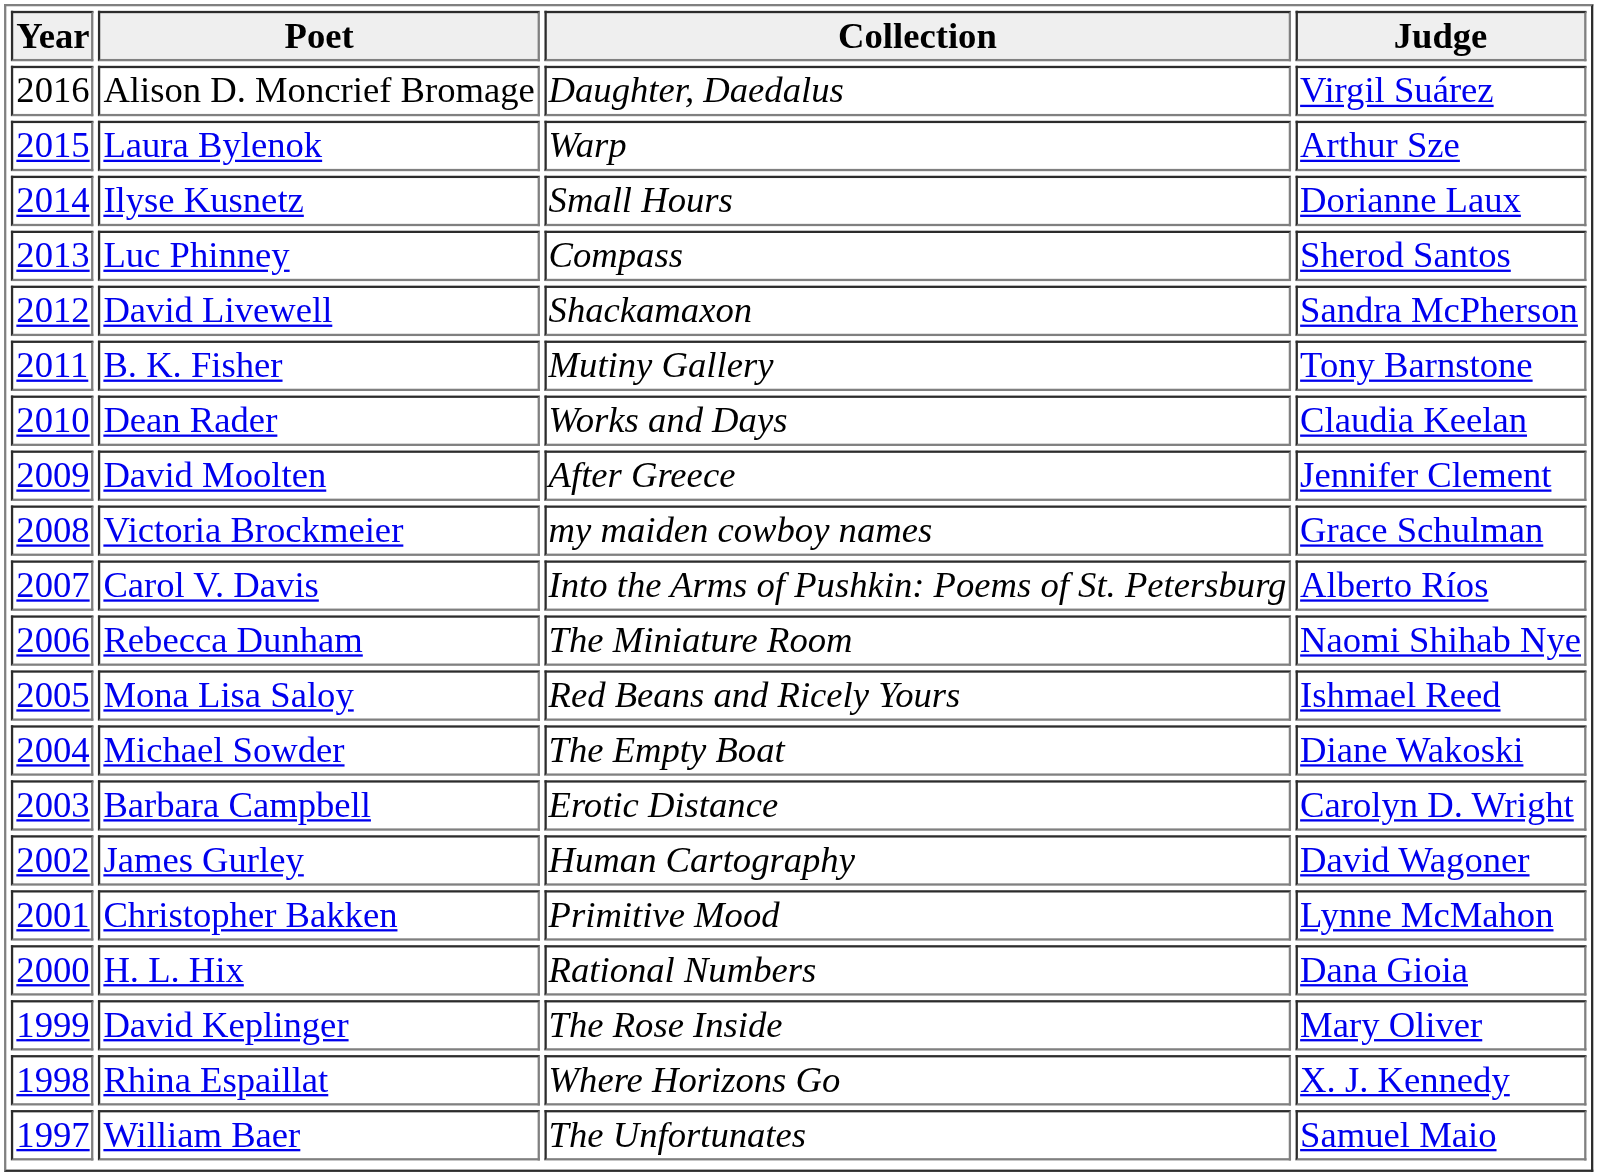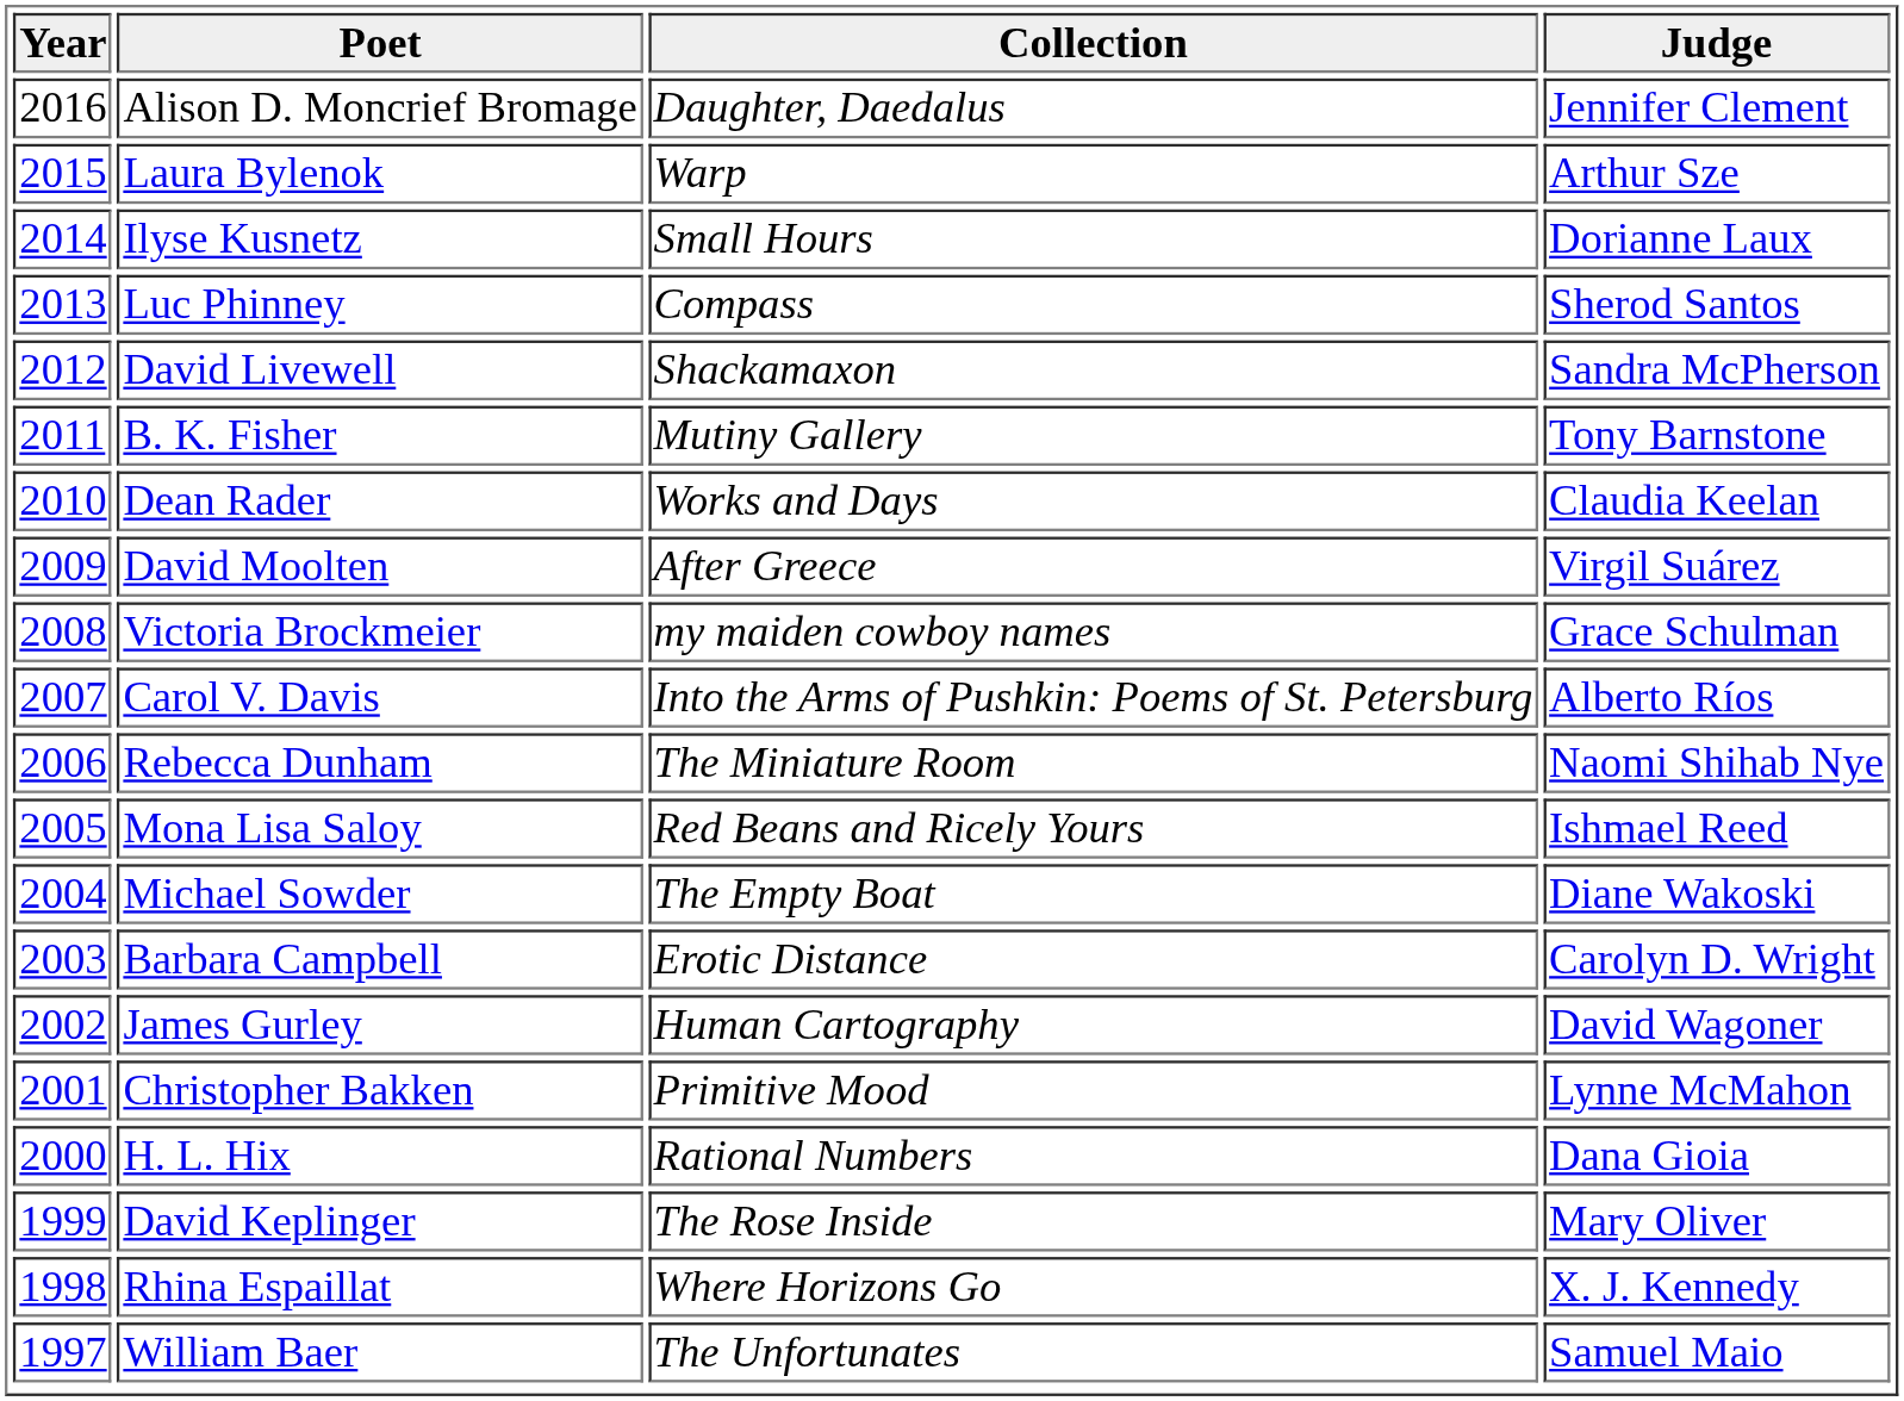 <table border="1" align="center">
 <tr>
 <th style="background:#efefef;">Year</th>
 <th style="background:#efefef;">Poet</th>
 <th style="background:#efefef;">Collection</th>
 <th style="background:#efefef;">Judge</th>
 </tr>
 <tr>
 <td>2016</td>
 <td>Alison D. Moncrief Bromage</td>
 <td><em>Daughter, Daedalus</em></td>
-<td><a href='#'>Virgil Suárez</a></td>
+<td><a href='#'>Jennifer Clement</a></td>
 </tr>
 <tr>
 <td><a href='#'>2015</a></td>
 <td><a href='#'>Laura Bylenok</a></td>
 <td><em>Warp</em></td>
 <td><a href='#'>Arthur Sze</a></td>
 </tr>
 <tr>
 <td><a href='#'>2014</a></td>
 <td><a href='#'>Ilyse Kusnetz</a></td>
 <td><em>Small Hours</em></td>
 <td><a href='#'>Dorianne Laux</a></td>
 </tr>
 <tr>
 <td><a href='#'>2013</a></td>
 <td><a href='#'>Luc Phinney</a></td>
 <td><em>Compass</em></td>
 <td><a href='#'>Sherod Santos</a></td>
 </tr>
 <tr>
 <td><a href='#'>2012</a></td>
 <td><a href='#'>David Livewell</a></td>
 <td><em>Shackamaxon</em></td>
 <td><a href='#'>Sandra McPherson</a></td>
 </tr>
 <tr>
 <td><a href='#'>2011</a></td>
 <td><a href='#'>B. K. Fisher</a></td>
 <td><em>Mutiny Gallery</em></td>
 <td><a href='#'>Tony Barnstone</a></td>
 </tr>
 <tr>
 <td><a href='#'>2010</a></td>
 <td><a href='#'>Dean Rader</a></td>
 <td><em>Works and Days</em></td>
 <td><a href='#'>Claudia Keelan</a></td>
 </tr>
 <tr>
 <td><a href='#'>2009</a></td>
 <td><a href='#'>David Moolten</a></td>
 <td><em>After Greece</em></td>
-<td><a href='#'>Jennifer Clement</a></td>
+<td><a href='#'>Virgil Suárez</a></td>
 </tr>
 <tr>
 <td><a href='#'>2008</a></td>
 <td><a href='#'>Victoria Brockmeier</a></td>
 <td><em>my maiden cowboy names</em></td>
 <td><a href='#'>Grace Schulman</a></td>
 </tr>
 <tr>
 <td><a href='#'>2007</a></td>
 <td><a href='#'>Carol V. Davis</a></td>
 <td><em>Into the Arms of Pushkin: Poems of St. Petersburg</em></td>
 <td><a href='#'>Alberto Ríos</a></td>
 </tr>
 <tr>
 <td><a href='#'>2006</a></td>
 <td><a href='#'>Rebecca Dunham</a></td>
 <td><em>The Miniature Room</em></td>
 <td><a href='#'>Naomi Shihab Nye</a></td>
 </tr>
 <tr>
 <td><a href='#'>2005</a></td>
 <td><a href='#'>Mona Lisa Saloy</a></td>
 <td><em>Red Beans and Ricely Yours</em></td>
 <td><a href='#'>Ishmael Reed</a></td>
 </tr>
 <tr>
 <td><a href='#'>2004</a></td>
 <td><a href='#'>Michael Sowder</a></td>
 <td><em>The Empty Boat</em></td>
 <td><a href='#'>Diane Wakoski</a></td>
 </tr>
 <tr>
 <td><a href='#'>2003</a></td>
 <td><a href='#'>Barbara Campbell</a></td>
 <td><em>Erotic Distance</em></td>
 <td><a href='#'>Carolyn D. Wright</a></td>
 </tr>
 <tr>
 <td><a href='#'>2002</a></td>
 <td><a href='#'>James Gurley</a></td>
 <td><em>Human Cartography</em></td>
 <td><a href='#'>David Wagoner</a></td>
 </tr>
 <tr>
 <td><a href='#'>2001</a></td>
 <td><a href='#'>Christopher Bakken</a></td>
 <td><em>Primitive Mood</em></td>
 <td><a href='#'>Lynne McMahon</a></td>
 </tr>
 <tr>
 <td><a href='#'>2000</a></td>
 <td><a href='#'>H. L. Hix</a></td>
 <td><em>Rational Numbers</em></td>
 <td><a href='#'>Dana Gioia</a></td>
 </tr>
 <tr>
 <td><a href='#'>1999</a></td>
 <td><a href='#'>David Keplinger</a></td>
 <td><em>The Rose Inside</em></td>
 <td><a href='#'>Mary Oliver</a></td>
 </tr>
 <tr>
 <td><a href='#'>1998</a></td>
 <td><a href='#'>Rhina Espaillat</a></td>
 <td><em>Where Horizons Go</em></td>
 <td><a href='#'>X. J. Kennedy</a></td>
 </tr>
 <tr>
 <td><a href='#'>1997</a></td>
 <td><a href='#'>William Baer</a></td>
 <td><em>The Unfortunates</em></td>
 <td><a href='#'>Samuel Maio</a></td>
 </tr>
 <tr>
 </tr>
 </table>
